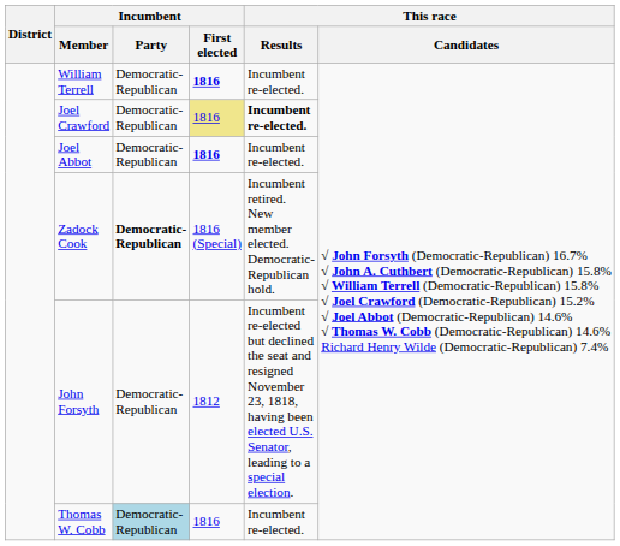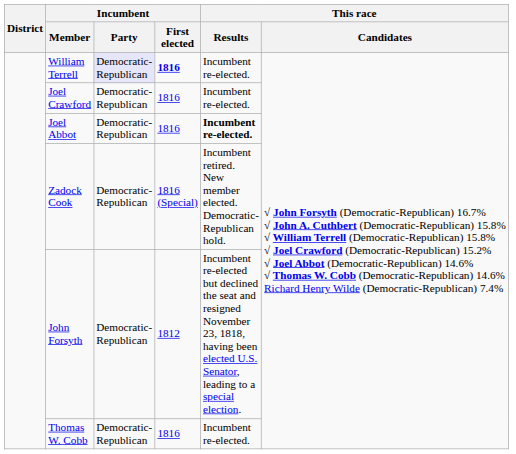 <table class=wikitable>
 <tr>
 <th rowspan=2>District</th>
 <th colspan=3>Incumbent</th>
 <th colspan=2>This race</th>
 </tr>
 <tr>
 <th>Member</th>
 <th>Party</th>
 <th>First elected</th>
 <th>Results</th>
 <th>Candidates</th>
 </tr>
 <tr>
 <td rowspan=6><br></td>
 <td><a href='#'>William Terrell</a></td>
-<td>Democratic-Republican</td>
+<td style="background: lavender;">Democratic-Republican</td>
 <td><strong><a href='#'>1816</a></strong></td>
 <td>Incumbent re-elected.</td>
 <td rowspan=6 nowrap><strong>√ <a href='#'>John Forsyth</a></strong> (Democratic-Republican) 16.7%<br><strong>√ <a href='#'>John A. Cuthbert</a></strong> (Democratic-Republican) 15.8%<br><strong>√ <a href='#'>William Terrell</a></strong> (Democratic-Republican) 15.8%<br><strong>√ <a href='#'>Joel Crawford</a></strong> (Democratic-Republican) 15.2%<br><strong>√ <a href='#'>Joel Abbot</a></strong> (Democratic-Republican) 14.6%<br><strong>√ <a href='#'>Thomas W. Cobb</a></strong> (Democratic-Republican) 14.6%<br><a href='#'>Richard Henry Wilde</a> (Democratic-Republican) 7.4%</td>
 </tr>
 <tr>
 <td><a href='#'>Joel Crawford</a></td>
 <td>Democratic-Republican</td>
-<td style="background: khaki;"><a href='#'>1816</a></td>
-<td><strong>Incumbent re-elected.</strong></td>
+<td><a href='#'>1816</a></td>
+<td>Incumbent re-elected.</td>
 </tr>
 <tr>
 <td><a href='#'>Joel Abbot</a></td>
 <td>Democratic-Republican</td>
-<td><strong><a href='#'>1816</a></strong></td>
-<td>Incumbent re-elected.</td>
+<td><a href='#'>1816</a></td>
+<td><strong>Incumbent re-elected.</strong></td>
 </tr>
 <tr>
 <td><a href='#'>Zadock Cook</a></td>
-<td><strong>Democratic-Republican</strong></td>
+<td>Democratic-Republican</td>
 <td><a href='#'>1816 (Special)</a></td>
 <td>Incumbent retired.<br>New member elected.<br>Democratic-Republican hold.</td>
 </tr>
 <tr>
 <td><a href='#'>John Forsyth</a></td>
 <td>Democratic-Republican</td>
 <td><a href='#'>1812</a></td>
 <td>Incumbent re-elected but declined the seat and resigned November 23, 1818, having been <a href='#'>elected U.S. Senator</a>, leading to a <a href='#'>special election</a>.</td>
 </tr>
 <tr>
 <td><a href='#'>Thomas W. Cobb</a></td>
-<td style="background: lightblue;">Democratic-Republican</td>
+<td>Democratic-Republican</td>
 <td><a href='#'>1816</a></td>
 <td>Incumbent re-elected.</td>
 </tr>
 </table>
